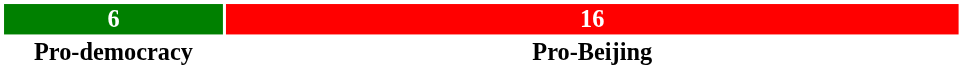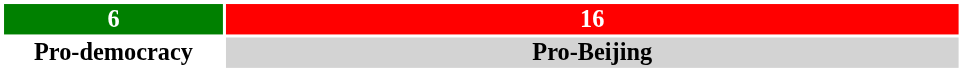 <table style="width:50%; text-align:center;">
 <tr style="color:white;">
 <td style="background:green; width:23%;"><strong>6</strong></td>
 <td style="background:red; width:77%;"><strong>16</strong></td>
 </tr>
 <tr>
 <td><span><strong>Pro-democracy</strong></span></td>
-<td><span><strong>Pro-Beijing</strong></span></td>
+<td style="background: lightgrey;"><span><strong>Pro-Beijing</strong></span></td>
 </tr>
 </table>
